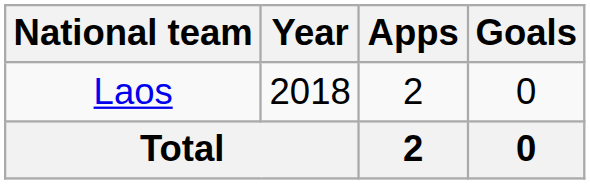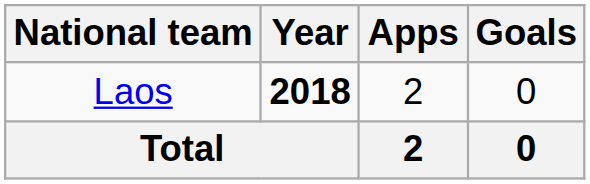 <table class="wikitable" style="text-align:center">
 <tr>
 <th>National team</th>
 <th>Year</th>
 <th>Apps</th>
 <th>Goals</th>
 </tr>
 <tr>
 <td rowspan="1"><a href='#'>Laos</a></td>
-<td>2018</td>
+<td><strong>2018</strong></td>
 <td>2</td>
 <td>0</td>
 </tr>
 <tr>
 <th colspan=2>Total</th>
 <th>2</th>
 <th>0</th>
 </tr>
 </table>
